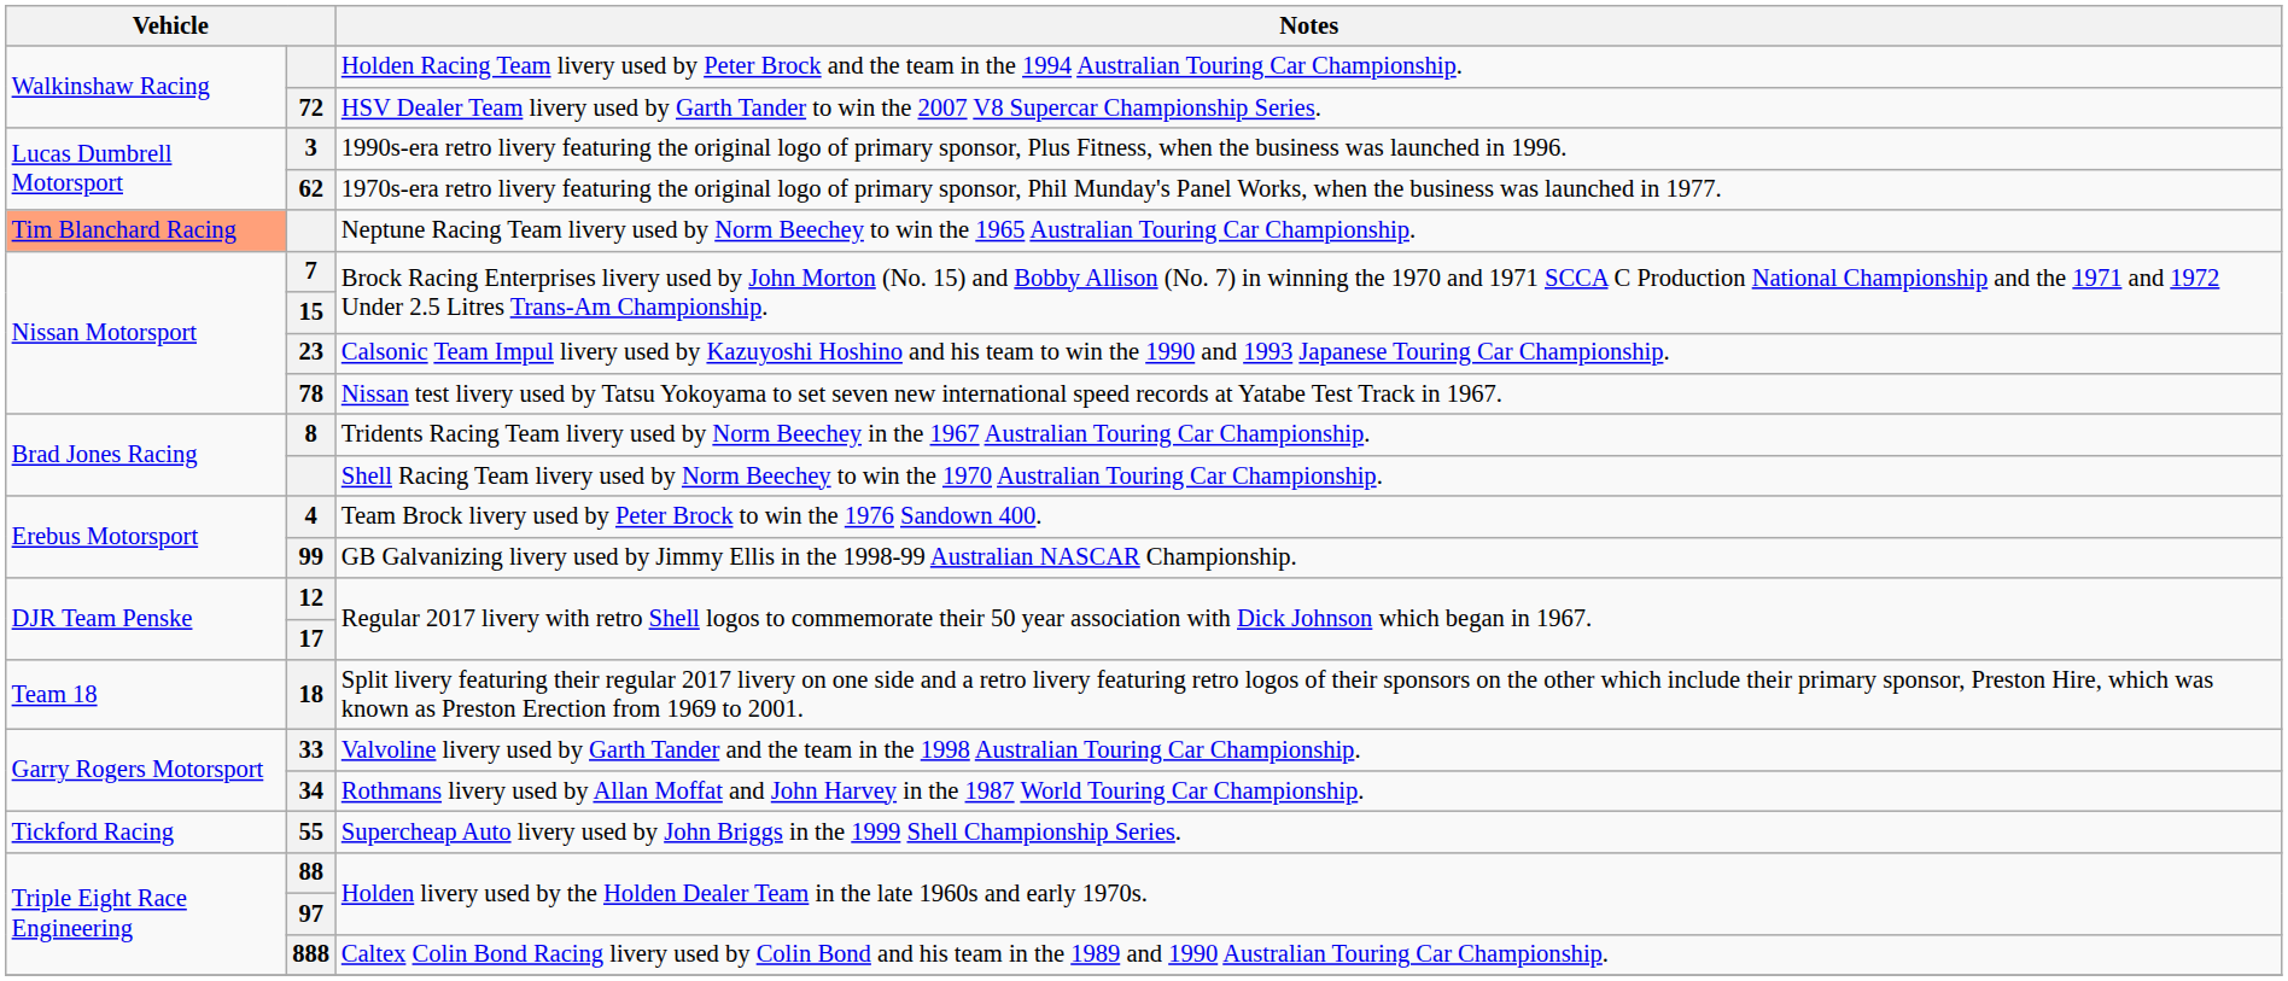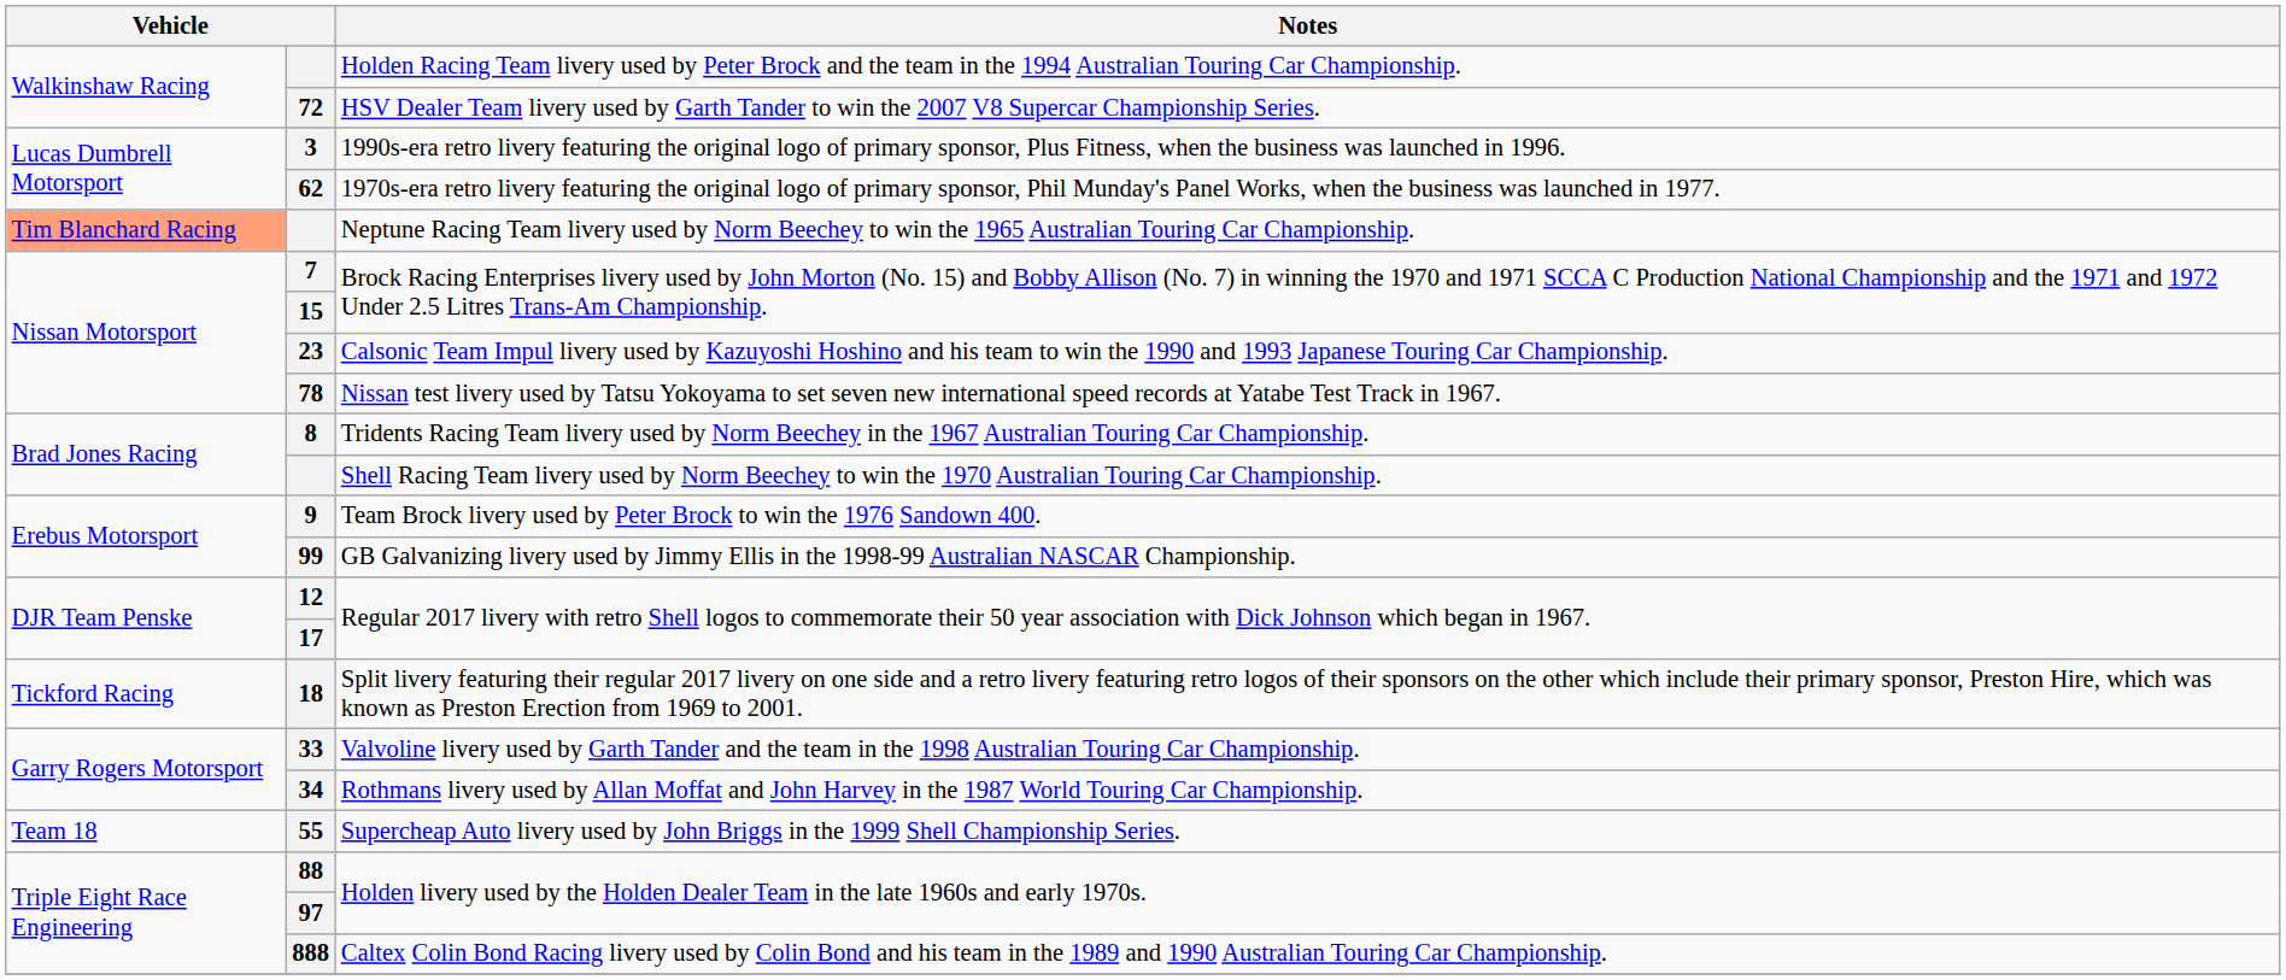 <table class="wikitable" style="font-size: 85%;">
 <tr>
 <th colspan="2">Vehicle</th>
 <th>Notes</th>
 </tr>
 <tr>
 <td rowspan="2"><a href='#'>Walkinshaw Racing</a></td>
 <th></th>
 <td><a href='#'>Holden Racing Team</a> livery used by <a href='#'>Peter Brock</a> and the team in the <a href='#'>1994</a> <a href='#'>Australian Touring Car Championship</a>.</td>
 </tr>
 <tr>
 <th>72</th>
 <td><a href='#'>HSV Dealer Team</a> livery used by <a href='#'>Garth Tander</a> to win the <a href='#'>2007</a> <a href='#'>V8 Supercar Championship Series</a>.</td>
 </tr>
 <tr>
 <td rowspan="2"><a href='#'>Lucas Dumbrell Motorsport</a></td>
 <th>3</th>
 <td>1990s-era retro livery featuring the original logo of primary sponsor, Plus Fitness, when the business was launched in 1996.</td>
 </tr>
 <tr>
 <th>62</th>
 <td>1970s-era retro livery featuring the original logo of primary sponsor, Phil Munday's Panel Works, when the business was launched in 1977.</td>
 </tr>
 <tr>
 <td style="background: lightsalmon;"><a href='#'>Tim Blanchard Racing</a></td>
 <th></th>
 <td>Neptune Racing Team livery used by <a href='#'>Norm Beechey</a> to win the <a href='#'>1965</a> <a href='#'>Australian Touring Car Championship</a>.</td>
 </tr>
 <tr>
 <td rowspan="4"><a href='#'>Nissan Motorsport</a></td>
 <th>7</th>
 <td rowspan="2">Brock Racing Enterprises livery used by <a href='#'>John Morton</a> (No. 15) and <a href='#'>Bobby Allison</a> (No. 7) in winning the 1970 and 1971 <a href='#'>SCCA</a> C Production <a href='#'>National Championship</a> and the <a href='#'>1971</a> and <a href='#'>1972</a> Under 2.5 Litres <a href='#'>Trans-Am Championship</a>.</td>
 </tr>
 <tr>
 <th>15</th>
 </tr>
 <tr>
 <th>23</th>
 <td><a href='#'>Calsonic</a> <a href='#'>Team Impul</a> livery used by <a href='#'>Kazuyoshi Hoshino</a> and his team to win the <a href='#'>1990</a> and <a href='#'>1993</a> <a href='#'>Japanese Touring Car Championship</a>.</td>
 </tr>
 <tr>
 <th>78</th>
 <td><a href='#'>Nissan</a> test livery used by Tatsu Yokoyama to set seven new international speed records at Yatabe Test Track in 1967.</td>
 </tr>
 <tr>
 <td rowspan="2"><a href='#'>Brad Jones Racing</a></td>
 <th>8</th>
 <td>Tridents Racing Team livery used by <a href='#'>Norm Beechey</a> in the <a href='#'>1967</a> <a href='#'>Australian Touring Car Championship</a>.</td>
 </tr>
 <tr>
 <th></th>
 <td><a href='#'>Shell</a> Racing Team livery used by <a href='#'>Norm Beechey</a> to win the <a href='#'>1970</a> <a href='#'>Australian Touring Car Championship</a>.</td>
 </tr>
 <tr>
 <td rowspan="2"><a href='#'>Erebus Motorsport</a></td>
-<th>4</th>
+<th>9</th>
 <td>Team Brock livery used by <a href='#'>Peter Brock</a> to win the <a href='#'>1976</a> <a href='#'>Sandown 400</a>.</td>
 </tr>
 <tr>
 <th>99</th>
 <td>GB Galvanizing livery used by Jimmy Ellis in the 1998-99 <a href='#'>Australian NASCAR</a> Championship.</td>
 </tr>
 <tr>
 <td rowspan="2"><a href='#'>DJR Team Penske</a></td>
 <th>12</th>
 <td rowspan="2">Regular 2017 livery with retro <a href='#'>Shell</a> logos to commemorate their 50 year association with <a href='#'>Dick Johnson</a> which began in 1967.</td>
 </tr>
 <tr>
 <th>17</th>
 </tr>
 <tr>
-<td><a href='#'>Team 18</a></td>
+<td><a href='#'>Tickford Racing</a></td>
 <th>18</th>
 <td>Split livery featuring their regular 2017 livery on one side and a retro livery featuring retro logos of their sponsors on the other which include their primary sponsor, Preston Hire, which was known as Preston Erection from 1969 to 2001.</td>
 </tr>
 <tr>
 <td rowspan="2"><a href='#'>Garry Rogers Motorsport</a></td>
 <th>33</th>
 <td><a href='#'>Valvoline</a> livery used by <a href='#'>Garth Tander</a> and the team in the <a href='#'>1998</a> <a href='#'>Australian Touring Car Championship</a>.</td>
 </tr>
 <tr>
 <th>34</th>
 <td><a href='#'>Rothmans</a> livery used by <a href='#'>Allan Moffat</a> and <a href='#'>John Harvey</a> in the <a href='#'>1987</a> <a href='#'>World Touring Car Championship</a>.</td>
 </tr>
 <tr>
-<td><a href='#'>Tickford Racing</a></td>
+<td><a href='#'>Team 18</a></td>
 <th>55</th>
 <td><a href='#'>Supercheap Auto</a> livery used by <a href='#'>John Briggs</a> in the <a href='#'>1999</a> <a href='#'>Shell Championship Series</a>.</td>
 </tr>
 <tr>
 <td rowspan="3"><a href='#'>Triple Eight Race Engineering</a></td>
 <th>88</th>
 <td rowspan="2"><a href='#'>Holden</a> livery used by the <a href='#'>Holden Dealer Team</a> in the late 1960s and early 1970s.</td>
 </tr>
 <tr>
 <th>97</th>
 </tr>
 <tr>
 <th>888</th>
 <td><a href='#'>Caltex</a> <a href='#'>Colin Bond Racing</a> livery used by <a href='#'>Colin Bond</a> and his team in the <a href='#'>1989</a> and <a href='#'>1990</a> <a href='#'>Australian Touring Car Championship</a>.</td>
 </tr>
 <tr>
 </tr>
 </table>
